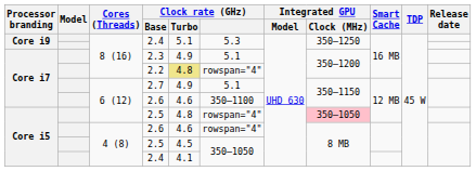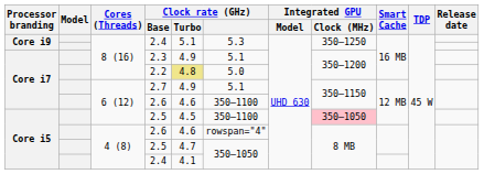 <table class="wikitable sortable nowrap" style="text-align: center;">
 <tr>
 <th class="unsortable" rowspan="2">Processor<br>branding</th>
 <th rowspan="2">Model</th>
 <th class="unsortable" rowspan="2"><a href='#'>Cores</a><br>(<a href='#'>Threads</a>)</th>
 <th colspan="3"><a href='#'>Clock rate</a> (GHz)</th>
 <th colspan="2">Integrated <a href='#'>GPU</a></th>
 <th class="unsortable" rowspan="2"><a href='#'>Smart<br>Cache</a></th>
 <th rowspan="2"><a href='#'>TDP</a></th>
 <th rowspan="2">Release<br>date</th>
 </tr>
 <tr>
 <th class="unsortable">Base</th>
 <th class="unsortable">Turbo</th>
 <th class="unsortable"></th>
 <th class="unsortable">Model</th>
 <th class="unsortable">Clock (MHz)</th>
 </tr>
 <tr>
 <th rowspan="2">Core i9</th>
 <th style="text-align:left;" data-sort-value="sku10"></th>
 <td rowspan="4">8 (16)</td>
 <td rowspan="2">2.4</td>
 <td rowspan="2">5.1</td>
 <td rowspan="2">5.3</td>
 <td rowspan="10"><a href='#'>UHD 630</a></td>
 <td rowspan="2">350–1250</td>
 <td rowspan="4">16 MB</td>
 <td rowspan="10">45 W</td>
 <td></td>
 </tr>
 <tr>
 <th style="text-align:left;" data-sort-value="sku9"></th>
 <td></td>
 </tr>
 <tr>
 <th rowspan="4">Core i7</th>
 <th style="text-align:left;" data-sort-value="sku8"></th>
 <td>2.3</td>
 <td>4.9</td>
 <td>5.1</td>
 <td rowspan="2">350–1200</td>
 <td></td>
 </tr>
 <tr>
 <th style="text-align:left;" data-sort-value="sku7"></th>
 <td>2.2</td>
 <td style="background: khaki;">4.8</td>
-<td>rowspan="4" </td>
+<td>5.0</td>
 <td></td>
 </tr>
 <tr>
 <th style="text-align:left;" data-sort-value="sku6"></th>
 <td rowspan="3">6 (12)</td>
 <td>2.7</td>
 <td>4.9</td>
 <td>5.1</td>
 <td rowspan="2">350–1150</td>
 <td rowspan="3">12 MB</td>
 <td rowspan="2"></td>
 </tr>
 <tr>
 <th style="text-align:left;" data-sort-value="sku5"></th>
 <td>2.6</td>
 <td>4.6</td>
 <td>350–1100</td>
 </tr>
 <tr>
 <th rowspan="4">Core i5</th>
 <th style="text-align:left;" data-sort-value="sku4"></th>
 <td>2.5</td>
-<td>4.8</td>
-<td>rowspan="4" </td>
+<td>4.5</td>
+<td>350–1100</td>
 <td style="background: pink;">350–1050</td>
 <td></td>
 </tr>
 <tr>
 <th style="text-align:left;" data-sort-value="sku3"></th>
 <td rowspan="3">4 (8)</td>
 <td>2.6</td>
 <td>4.6</td>
 <td>rowspan="4" </td>
 <td rowspan="3">8 MB</td>
 <td rowspan="2"></td>
 </tr>
 <tr>
 <th style="text-align:left;" data-sort-value="sku2"></th>
 <td>2.5</td>
-<td>4.5</td>
+<td>4.7</td>
 <td rowspan="2">350–1050</td>
 </tr>
 <tr>
 <th style="text-align:left;" data-sort-value="sku1"></th>
 <td>2.4</td>
 <td>4.1</td>
 <td></td>
 </tr>
 </table>
